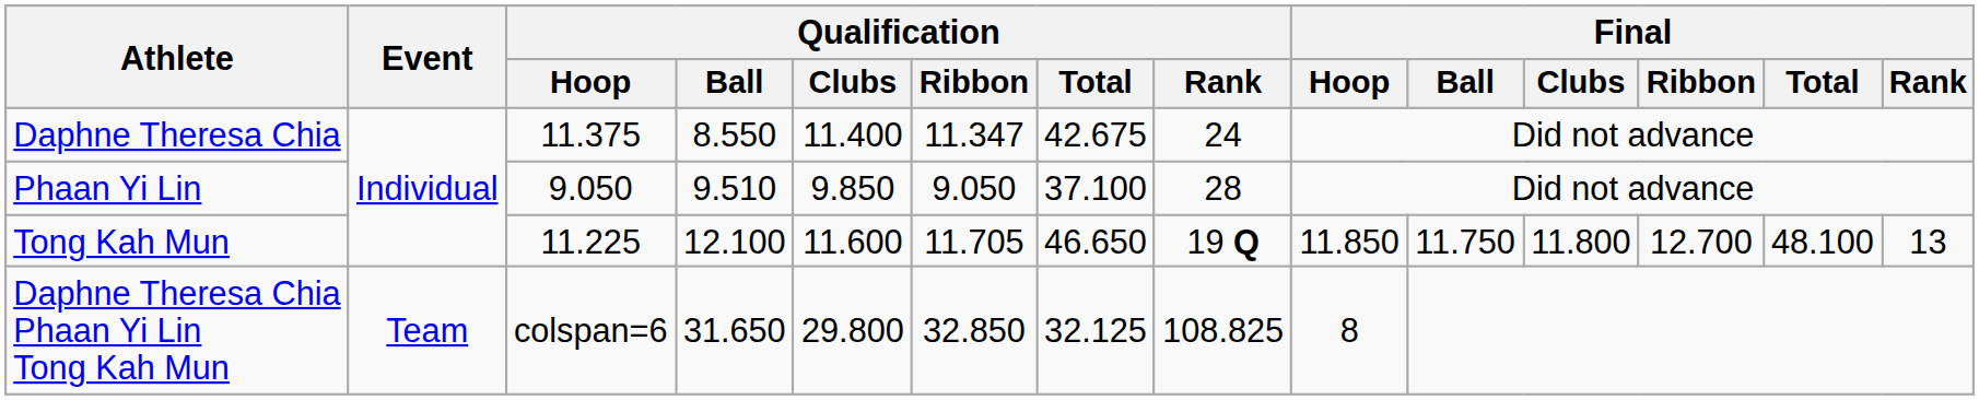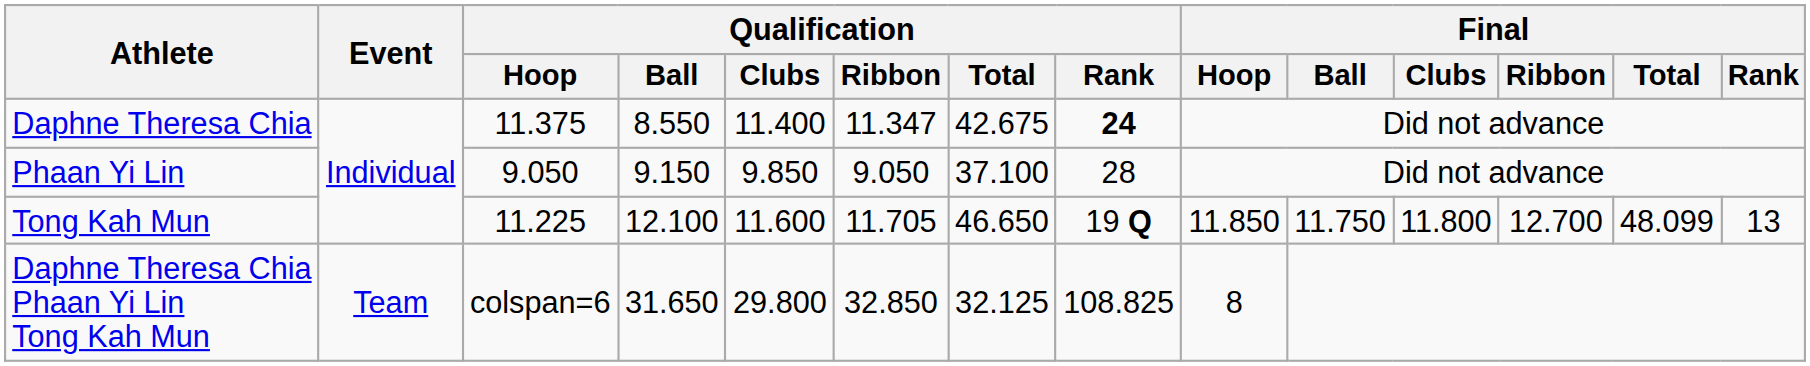 <table class=wikitable style="font-size:90%">
 <tr>
 <th rowspan="2">Athlete</th>
 <th rowspan="2">Event</th>
 <th colspan=6>Qualification</th>
 <th colspan=6>Final</th>
 </tr>
 <tr style="font-size:95%">
 <th>Hoop</th>
 <th>Ball</th>
 <th>Clubs</th>
 <th>Ribbon</th>
 <th>Total</th>
 <th>Rank</th>
 <th>Hoop</th>
 <th>Ball</th>
 <th>Clubs</th>
 <th>Ribbon</th>
 <th>Total</th>
 <th>Rank</th>
 </tr>
 <tr align=center>
 <td align=left><a href='#'>Daphne Theresa Chia</a></td>
 <td align=left rowspan=3><a href='#'>Individual</a></td>
 <td>11.375</td>
 <td>8.550</td>
 <td>11.400</td>
 <td>11.347</td>
 <td>42.675</td>
-<td>24</td>
+<td><strong>24</strong></td>
 <td colspan=6>Did not advance</td>
 </tr>
 <tr align=center>
 <td align=left><a href='#'>Phaan Yi Lin</a></td>
 <td>9.050</td>
-<td>9.510</td>
+<td>9.150</td>
 <td>9.850</td>
 <td>9.050</td>
 <td>37.100</td>
 <td>28</td>
 <td colspan=6>Did not advance</td>
 </tr>
 <tr align=center>
 <td align=left><a href='#'>Tong Kah Mun</a></td>
 <td>11.225</td>
 <td>12.100</td>
 <td>11.600</td>
 <td>11.705</td>
 <td>46.650</td>
 <td>19 <strong>Q</strong></td>
 <td>11.850</td>
 <td>11.750</td>
 <td>11.800</td>
 <td>12.700</td>
-<td>48.100</td>
+<td>48.099</td>
 <td>13</td>
 </tr>
 <tr align=center>
 <td align=left><a href='#'>Daphne Theresa Chia</a><br><a href='#'>Phaan Yi Lin</a><br><a href='#'>Tong Kah Mun</a></td>
 <td><a href='#'>Team</a></td>
 <td>colspan=6 </td>
 <td>31.650</td>
 <td>29.800</td>
 <td>32.850</td>
 <td>32.125</td>
 <td>108.825</td>
 <td>8</td>
 </tr>
 </table>
